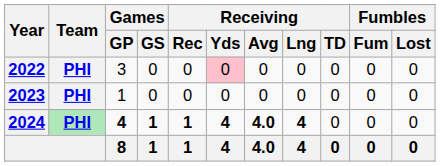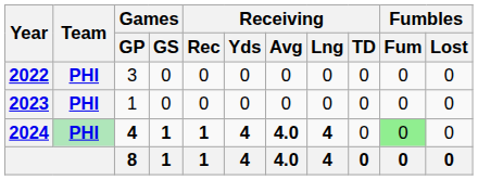 <table class=wikitable style="text-align:center;">
 <tr>
 <th rowspan="2">Year</th>
 <th rowspan="2">Team</th>
 <th colspan="2">Games</th>
 <th colspan="5">Receiving</th>
 <th colspan="2">Fumbles</th>
 </tr>
 <tr>
 <th>GP</th>
 <th>GS</th>
 <th>Rec</th>
 <th>Yds</th>
 <th>Avg</th>
 <th>Lng</th>
 <th>TD</th>
 <th>Fum</th>
 <th>Lost</th>
 </tr>
 <tr>
 <th><a href='#'>2022</a></th>
 <th><a href='#'>PHI</a></th>
 <td>3</td>
 <td>0</td>
 <td>0</td>
-<td style="background: pink;">0</td>
+<td>0</td>
 <td>0</td>
 <td>0</td>
 <td>0</td>
 <td>0</td>
 <td>0</td>
 </tr>
 <tr>
 <th><a href='#'>2023</a></th>
 <th><a href='#'>PHI</a></th>
 <td>1</td>
 <td>0</td>
 <td>0</td>
 <td>0</td>
 <td>0</td>
 <td>0</td>
 <td>0</td>
 <td>0</td>
 <td>0</td>
 </tr>
 <tr>
 <th><a href='#'>2024</a></th>
 <th style="background:#afe6ba; width:3em;"><a href='#'>PHI</a></th>
 <td><strong>4</strong></td>
 <td><strong>1</strong></td>
 <td><strong>1</strong></td>
 <td><strong>4</strong></td>
 <td><strong>4.0</strong></td>
 <td><strong>4</strong></td>
 <td>0</td>
-<td>0</td>
+<td style="background: lightgreen;">0</td>
 <td>0</td>
 </tr>
 <tr>
 <th colspan="2"></th>
 <th>8</th>
 <th>1</th>
 <th>1</th>
 <th>4</th>
 <th>4.0</th>
 <th>4</th>
 <th>0</th>
 <th>0</th>
 <th>0</th>
 </tr>
 </table>
